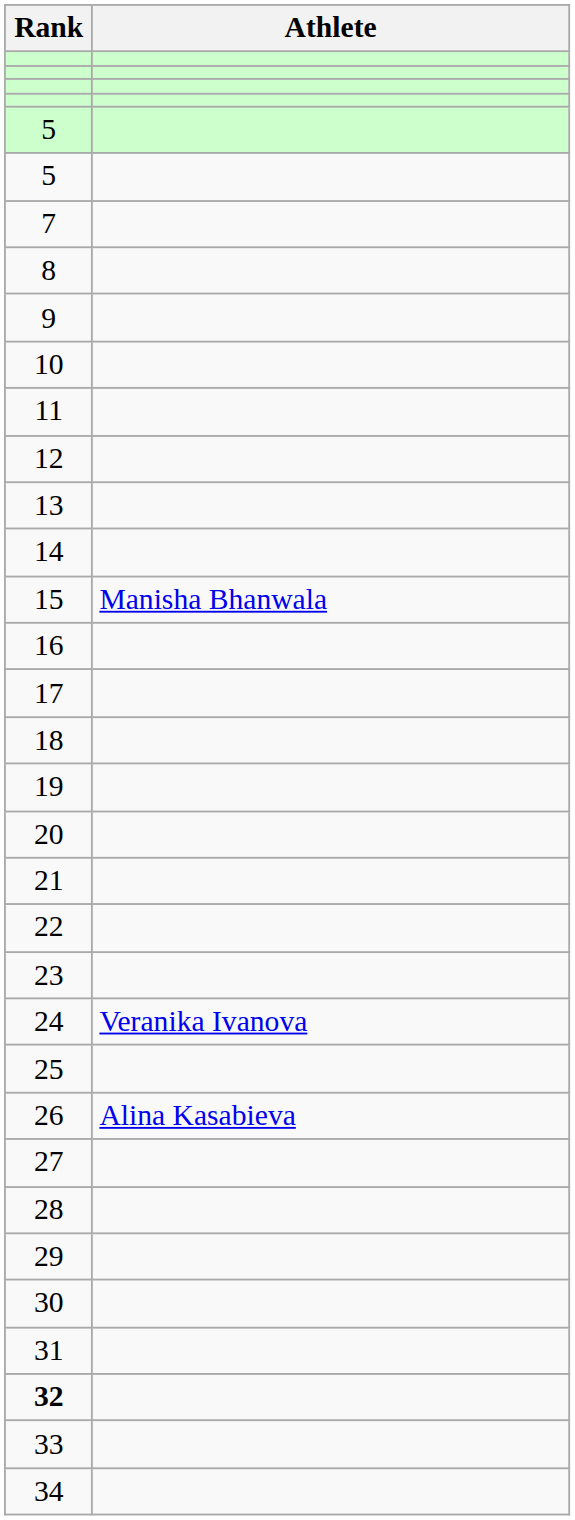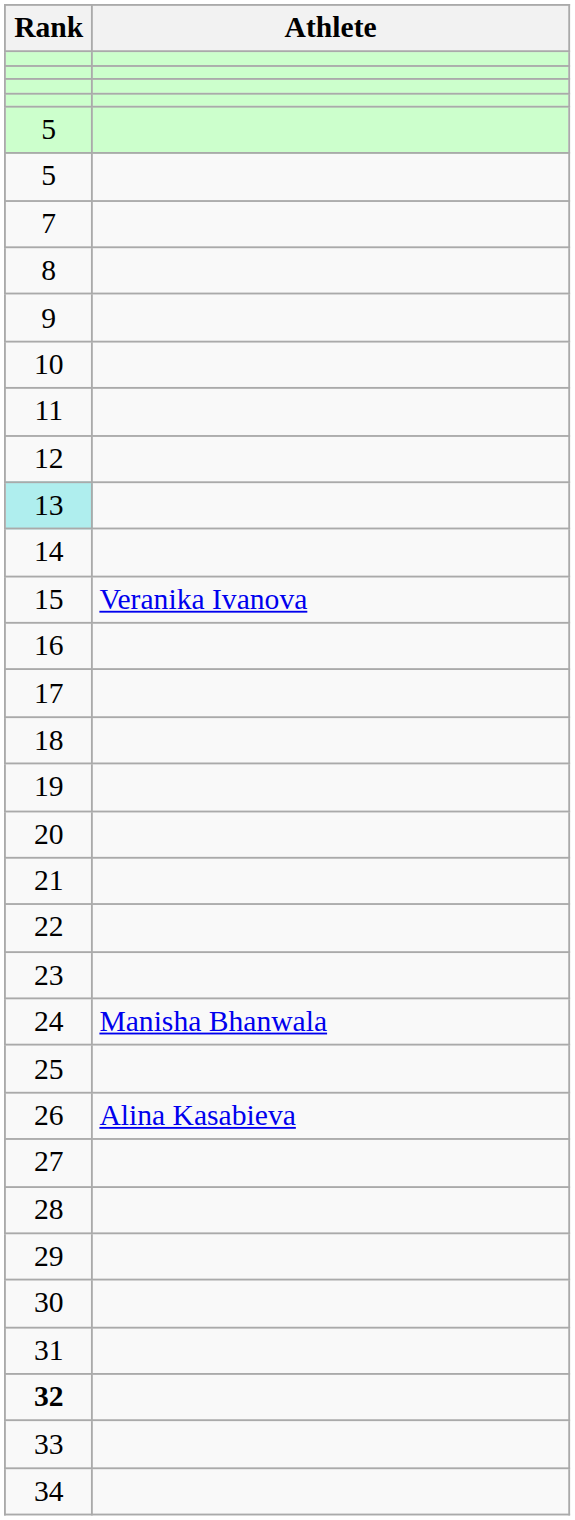 <table class="wikitable" style="text-align: center;">
 <tr>
 <th width=40>Rank</th>
 <th width=250>Athlete</th>
 </tr>
 <tr bgcolor=#ccffcc>
 <td></td>
 <td align="left"></td>
 </tr>
 <tr bgcolor=#ccffcc>
 <td></td>
 <td align="left"></td>
 </tr>
 <tr bgcolor=#ccffcc>
 <td></td>
 <td align="left"></td>
 </tr>
 <tr bgcolor=#ccffcc>
 <td></td>
 <td align="left"></td>
 </tr>
 <tr bgcolor=#ccffcc>
 <td>5</td>
 <td align="left"></td>
 </tr>
 <tr>
 <td>5</td>
 <td align="left"></td>
 </tr>
 <tr>
 <td>7</td>
 <td align="left"></td>
 </tr>
 <tr>
 <td>8</td>
 <td align="left"></td>
 </tr>
 <tr>
 <td>9</td>
 <td align="left"></td>
 </tr>
 <tr>
 <td>10</td>
 <td align="left"></td>
 </tr>
 <tr>
 <td>11</td>
 <td align="left"></td>
 </tr>
 <tr>
 <td>12</td>
 <td align="left"></td>
 </tr>
 <tr>
-<td>13</td>
+<td style="background: paleturquoise;">13</td>
 <td align="left"></td>
 </tr>
 <tr>
 <td>14</td>
 <td align="left"></td>
 </tr>
 <tr>
 <td>15</td>
-<td align="left"> <a href='#'>Manisha Bhanwala</a> </td>
+<td align="left"> <a href='#'>Veranika Ivanova</a> </td>
 </tr>
 <tr>
 <td>16</td>
 <td align="left"></td>
 </tr>
 <tr>
 <td>17</td>
 <td align="left"></td>
 </tr>
 <tr>
 <td>18</td>
 <td align="left"></td>
 </tr>
 <tr>
 <td>19</td>
 <td align="left"></td>
 </tr>
 <tr>
 <td>20</td>
 <td align="left"></td>
 </tr>
 <tr>
 <td>21</td>
 <td align="left"></td>
 </tr>
 <tr>
 <td>22</td>
 <td align="left"></td>
 </tr>
 <tr>
 <td>23</td>
 <td align="left"></td>
 </tr>
 <tr>
 <td>24</td>
-<td align="left"> <a href='#'>Veranika Ivanova</a> </td>
+<td align="left"> <a href='#'>Manisha Bhanwala</a> </td>
 </tr>
 <tr>
 <td>25</td>
 <td align="left"></td>
 </tr>
 <tr>
 <td>26</td>
 <td align="left"> <a href='#'>Alina Kasabieva</a> </td>
 </tr>
 <tr>
 <td>27</td>
 <td align="left"></td>
 </tr>
 <tr>
 <td>28</td>
 <td align="left"></td>
 </tr>
 <tr>
 <td>29</td>
 <td align="left"></td>
 </tr>
 <tr>
 <td>30</td>
 <td align="left"></td>
 </tr>
 <tr>
 <td>31</td>
 <td align="left"></td>
 </tr>
 <tr>
 <td><strong>32</strong></td>
 <td align="left"></td>
 </tr>
 <tr>
 <td>33</td>
 <td align="left"></td>
 </tr>
 <tr>
 <td>34</td>
 <td align="left"></td>
 </tr>
 </table>
